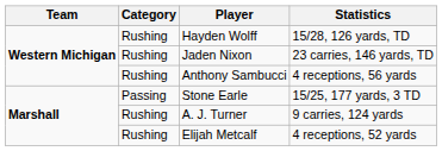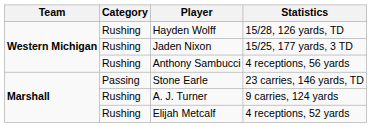 <table class="wikitable" style="float: right;">
 <tr>
 <th>Team</th>
 <th>Category</th>
 <th>Player</th>
 <th>Statistics</th>
 </tr>
 <tr>
 <td rowspan=3><strong>Western Michigan</strong></td>
 <td>Rushing</td>
 <td>Hayden Wolff</td>
 <td>15/28, 126 yards, TD</td>
 </tr>
 <tr>
 <td>Rushing</td>
 <td>Jaden Nixon</td>
-<td>23 carries, 146 yards, TD</td>
+<td>15/25, 177 yards, 3 TD</td>
 </tr>
 <tr>
 <td>Rushing</td>
 <td>Anthony Sambucci</td>
 <td>4 receptions, 56 yards</td>
 </tr>
 <tr>
 <td rowspan=3><strong>Marshall</strong></td>
 <td>Passing</td>
 <td>Stone Earle</td>
-<td>15/25, 177 yards, 3 TD</td>
+<td>23 carries, 146 yards, TD</td>
 </tr>
 <tr>
 <td>Rushing</td>
 <td>A. J. Turner</td>
 <td>9 carries, 124 yards</td>
 </tr>
 <tr>
 <td>Rushing</td>
 <td>Elijah Metcalf</td>
 <td>4 receptions, 52 yards</td>
 </tr>
 </table>
